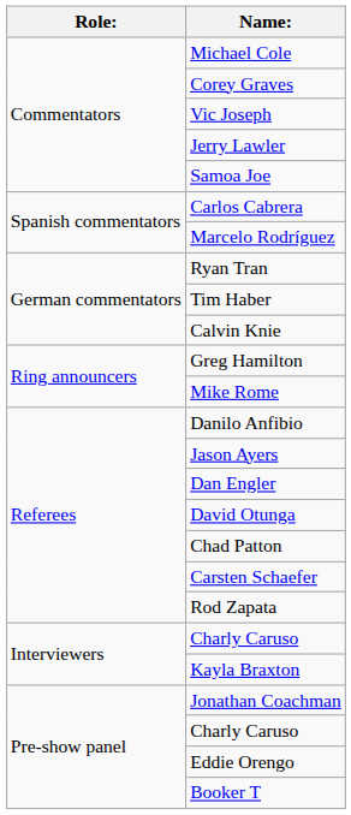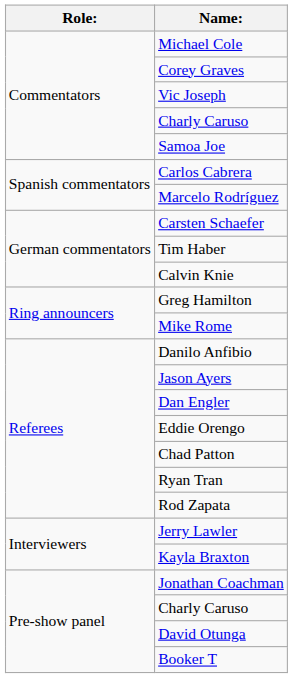 <table class=wikitable style="font-size:90%; margin: 0.5em 0 0.5em 1em; float: right; clear: right;">
 <tr>
 <th>Role:</th>
 <th>Name:</th>
 </tr>
 <tr>
 <td rowspan=5>Commentators</td>
 <td><a href='#'>Michael Cole</a> </td>
 </tr>
 <tr>
 <td><a href='#'>Corey Graves</a> </td>
 </tr>
 <tr>
 <td><a href='#'>Vic Joseph</a> </td>
 </tr>
 <tr>
-<td><a href='#'>Jerry Lawler</a> </td>
+<td><a href='#'>Charly Caruso</a></td>
 </tr>
 <tr>
 <td><a href='#'>Samoa Joe</a> </td>
 </tr>
 <tr>
 <td rowspan=2>Spanish commentators</td>
 <td><a href='#'>Carlos Cabrera</a></td>
 </tr>
 <tr>
 <td><a href='#'>Marcelo Rodríguez</a></td>
 </tr>
 <tr>
 <td rowspan=3>German commentators</td>
-<td>Ryan Tran</td>
+<td><a href='#'>Carsten Schaefer</a></td>
 </tr>
 <tr>
 <td>Tim Haber</td>
 </tr>
 <tr>
 <td>Calvin Knie</td>
 </tr>
 <tr>
 <td rowspan=2><a href='#'>Ring announcers</a></td>
 <td>Greg Hamilton </td>
 </tr>
 <tr>
 <td><a href='#'>Mike Rome</a> </td>
 </tr>
 <tr>
 <td rowspan=7><a href='#'>Referees</a></td>
 <td>Danilo Anfibio</td>
 </tr>
 <tr>
 <td><a href='#'>Jason Ayers</a></td>
 </tr>
 <tr>
 <td><a href='#'>Dan Engler</a></td>
 </tr>
 <tr>
-<td><a href='#'>David Otunga</a></td>
+<td>Eddie Orengo</td>
 </tr>
 <tr>
 <td>Chad Patton</td>
 </tr>
 <tr>
-<td><a href='#'>Carsten Schaefer</a></td>
+<td>Ryan Tran</td>
 </tr>
 <tr>
 <td>Rod Zapata</td>
 </tr>
 <tr>
 <td rowspan=2>Interviewers</td>
-<td><a href='#'>Charly Caruso</a></td>
+<td><a href='#'>Jerry Lawler</a> </td>
 </tr>
 <tr>
 <td><a href='#'>Kayla Braxton</a></td>
 </tr>
 <tr>
 <td rowspan=4>Pre-show panel</td>
 <td><a href='#'>Jonathan Coachman</a></td>
 </tr>
 <tr>
 <td>Charly Caruso</td>
 </tr>
 <tr>
-<td>Eddie Orengo</td>
+<td><a href='#'>David Otunga</a></td>
 </tr>
 <tr>
 <td><a href='#'>Booker T</a></td>
 </tr>
 </table>
